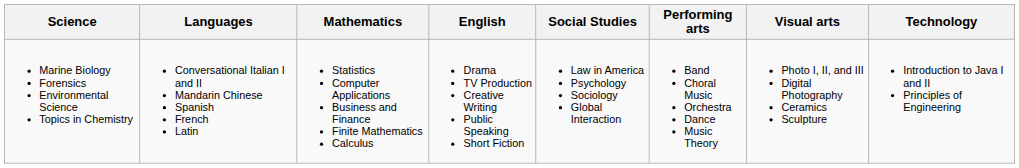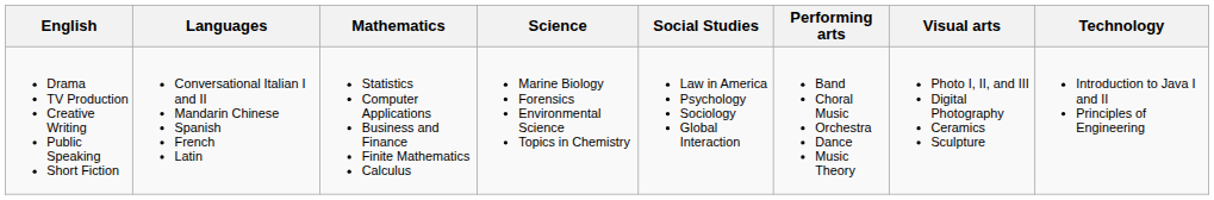 <table class="wikitable">
 <tr>
-<th colspan=1>Science</th>
+<th colspan=1>English</th>
 <th colspan=1>Languages</th>
 <th colspan=1>Mathematics</th>
-<th colspan=1>English</th>
+<th colspan=1>Science</th>
 <th colspan=1>Social Studies</th>
 <th colspan=1>Performing arts</th>
 <th colspan=1>Visual arts</th>
 <th colspan=1>Technology</th>
 </tr>
 <tr>
-<td style="vertical-align:top; font-size:smaller;"><br><ul><li>Marine Biology</li><li>Forensics</li><li>Environmental Science</li><li>Topics in Chemistry</li></ul></td>
+<td style="vertical-align:top; font-size:smaller;"><br><ul><li>Drama</li><li>TV Production</li><li>Creative Writing</li><li>Public Speaking</li><li>Short Fiction</li></ul></td>
 <td style="vertical-align:top; font-size:smaller;"><br><ul><li>Conversational Italian I and II</li><li>Mandarin Chinese</li><li>Spanish</li><li>French</li><li>Latin</li></ul></td>
 <td style="vertical-align:top; font-size:smaller;"><br><ul><li>Statistics</li><li>Computer Applications</li><li>Business and Finance</li><li>Finite Mathematics</li><li>Calculus</li></ul></td>
-<td style="vertical-align:top; font-size:smaller;"><br><ul><li>Drama</li><li>TV Production</li><li>Creative Writing</li><li>Public Speaking</li><li>Short Fiction</li></ul></td>
+<td style="vertical-align:top; font-size:smaller;"><br><ul><li>Marine Biology</li><li>Forensics</li><li>Environmental Science</li><li>Topics in Chemistry</li></ul></td>
 <td style="vertical-align:top; font-size:smaller;"><br><ul><li>Law in America</li><li>Psychology</li><li>Sociology</li><li>Global Interaction</li></ul></td>
 <td style="vertical-align:top; font-size:smaller;"><br><ul><li>Band</li><li>Choral Music</li><li>Orchestra</li><li>Dance</li><li>Music Theory</li></ul></td>
 <td style="vertical-align:top; font-size:smaller;"><br><ul><li>Photo I, II, and III</li><li>Digital Photography</li><li>Ceramics</li><li>Sculpture</li></ul></td>
 <td style="vertical-align:top; font-size:smaller;"><br><ul><li>Introduction to Java I and II</li><li>Principles of Engineering</li></ul></td>
 </tr>
 </table>
